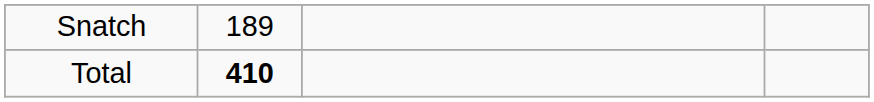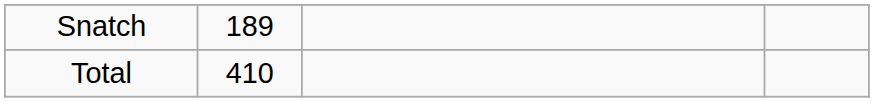 <table class = "wikitable" style="text-align:center;">
 <tr>
 <td width=100>Snatch</td>
 <td width=50>189</td>
 <td width=250 align=left></td>
 <td width=50></td>
 </tr>
 <tr>
 <td>Total</td>
-<td><strong>410</strong></td>
+<td>410</td>
 <td align=left></td>
 <td></td>
 </tr>
 </table>
